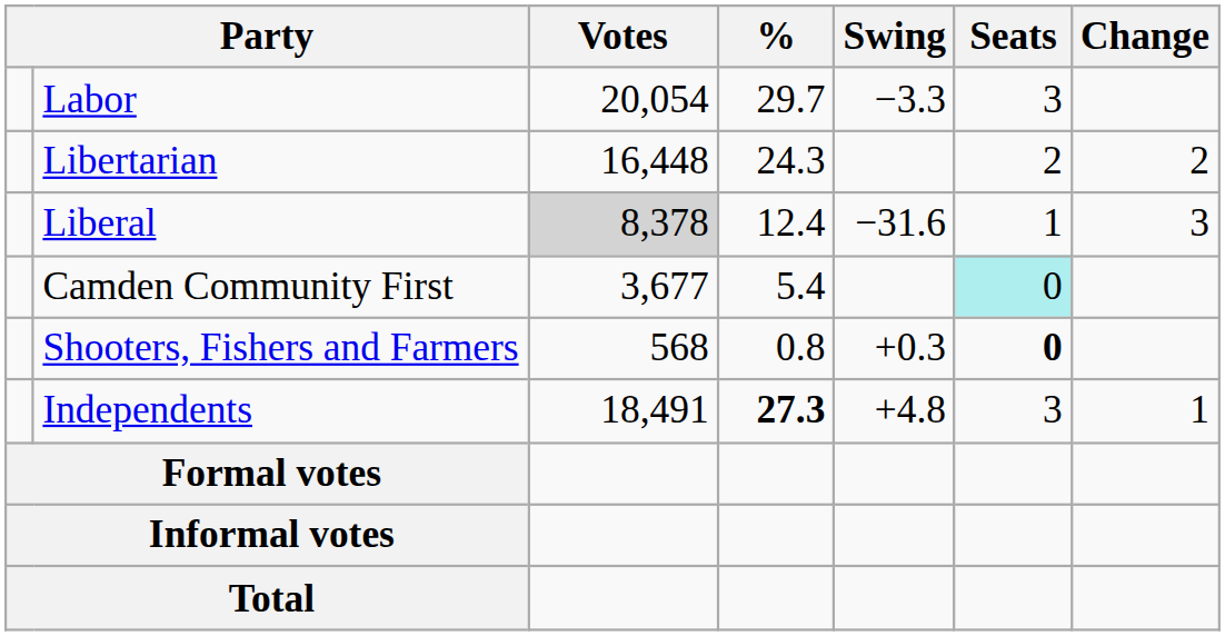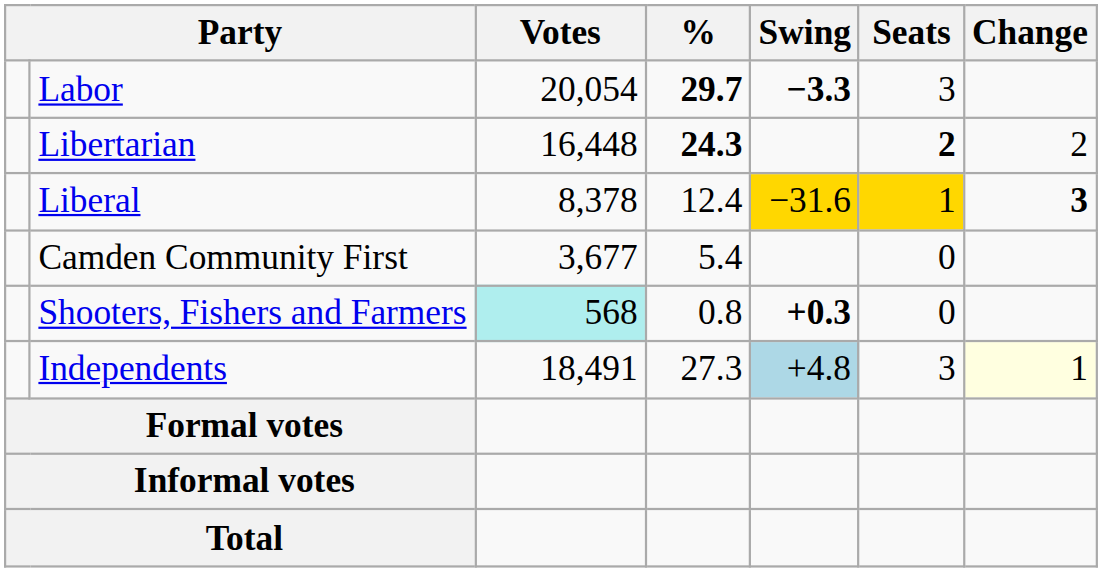 <table class="wikitable" style="text-align:right; margin-bottom:0">
 <tr>
 <th style="width:10px" colspan=3>Party</th>
 <th style="width:70px;">Votes</th>
 <th style="width:40px;">%</th>
 <th style="width:40px;">Swing</th>
 <th style="width:40px;">Seats</th>
 <th style="width:40px;">Change</th>
 </tr>
 <tr>
 <td> </td>
 <td style="text-align:left;" colspan="2"><a href='#'>Labor</a></td>
 <td>20,054</td>
-<td>29.7</td>
-<td>−3.3</td>
+<td><strong>29.7</strong></td>
+<td><strong>−3.3</strong></td>
 <td>3</td>
 <td></td>
 </tr>
 <tr>
 <td> </td>
 <td style="text-align:left;" colspan="2"><a href='#'>Libertarian</a></td>
 <td>16,448</td>
-<td>24.3</td>
+<td><strong>24.3</strong></td>
 <td></td>
-<td>2</td>
+<td><strong>2</strong></td>
 <td> 2</td>
 </tr>
 <tr>
 <td> </td>
 <td style="text-align:left;" colspan="2"><a href='#'>Liberal</a></td>
-<td style="background: lightgrey;">8,378</td>
+<td>8,378</td>
 <td>12.4</td>
-<td>−31.6</td>
-<td>1</td>
-<td> 3</td>
+<td style="background: gold;">−31.6</td>
+<td style="background: gold;">1</td>
+<td><strong> 3</strong></td>
 </tr>
 <tr>
 <td> </td>
 <td style="text-align:left;" colspan="2">Camden Community First</td>
 <td>3,677</td>
 <td>5.4</td>
 <td></td>
-<td style="background: paleturquoise;">0</td>
+<td>0</td>
 <td></td>
 </tr>
 <tr>
 <td> </td>
 <td style="text-align:left;" colspan="2"><a href='#'>Shooters, Fishers and Farmers</a></td>
-<td>568</td>
+<td style="background: paleturquoise;">568</td>
 <td>0.8</td>
-<td>+0.3</td>
-<td><strong>0</strong></td>
+<td><strong>+0.3</strong></td>
+<td>0</td>
 <td></td>
 </tr>
 <tr>
 <td> </td>
 <td style="text-align:left;" colspan="2"><a href='#'>Independents</a></td>
 <td>18,491</td>
-<td><strong>27.3</strong></td>
-<td>+4.8</td>
+<td>27.3</td>
+<td style="background: lightblue;">+4.8</td>
 <td>3</td>
-<td> 1</td>
+<td style="background: lightyellow;"> 1</td>
 </tr>
 <tr>
 <th colspan="3" rowspan="1"> Formal votes</th>
 <td></td>
 <td></td>
 <td></td>
 <td></td>
 <td></td>
 </tr>
 <tr>
 <th colspan="3" rowspan="1"> Informal votes</th>
 <td></td>
 <td></td>
 <td></td>
 <td></td>
 <td></td>
 </tr>
 <tr>
 <th colspan="3" rowspan="1"> <strong>Total </strong></th>
 <td></td>
 <td></td>
 <td></td>
 <td></td>
 <td></td>
 </tr>
 </table>
